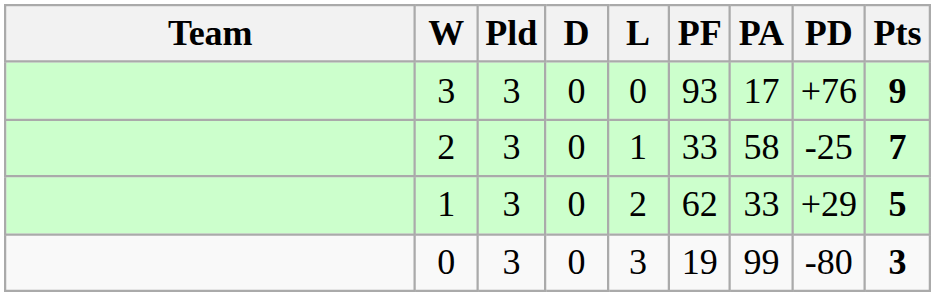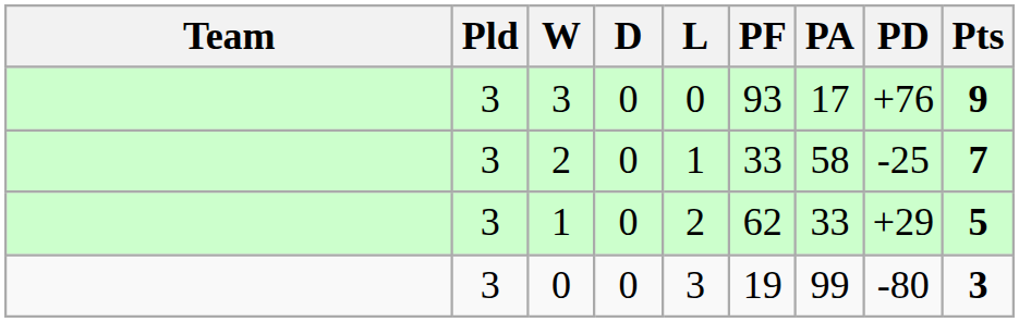 <table class="wikitable" style="text-align:center;">
 <tr>
 <th width=175>Team</th>
+<th width=20 abbr="Played">Pld</th>
 <th width=20 abbr="Won">W</th>
-<th width=20 abbr="Played">Pld</th>
 <th width=20 abbr="Drawn">D</th>
 <th width=20 abbr="Lost">L</th>
 <th width=20 abbr="Points for">PF</th>
 <th width=20 abbr="Points against">PA</th>
 <th width=25 abbr="Points difference">PD</th>
 <th width=20 abbr="Points">Pts</th>
 </tr>
 <tr bgcolor=ccffcc>
 <td style="text-align:left;"></td>
 <td>3</td>
 <td>3</td>
 <td>0</td>
 <td>0</td>
 <td>93</td>
 <td>17</td>
 <td>+76</td>
 <td><strong>9</strong></td>
 </tr>
 <tr bgcolor=ccffcc>
 <td style="text-align:left;"></td>
+<td>3</td>
 <td>2</td>
-<td>3</td>
 <td>0</td>
 <td>1</td>
 <td>33</td>
 <td>58</td>
 <td>-25</td>
 <td><strong>7</strong></td>
 </tr>
 <tr bgcolor=ccffcc>
 <td style="text-align:left;"></td>
+<td>3</td>
 <td>1</td>
-<td>3</td>
 <td>0</td>
 <td>2</td>
 <td>62</td>
 <td>33</td>
 <td>+29</td>
 <td><strong>5</strong></td>
 </tr>
 <tr>
 <td style="text-align:left;"></td>
+<td>3</td>
 <td>0</td>
-<td>3</td>
 <td>0</td>
 <td>3</td>
 <td>19</td>
 <td>99</td>
 <td>-80</td>
 <td><strong>3</strong></td>
 </tr>
 </table>
